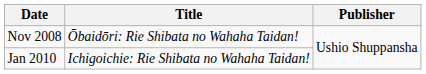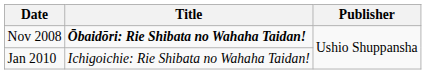 <table class="wikitable">
 <tr>
 <th>Date</th>
 <th>Title</th>
 <th>Publisher</th>
 </tr>
 <tr>
 <td>Nov 2008</td>
-<td><em>Ōbaidōri: Rie Shibata no Wahaha Taidan!</em></td>
+<td><strong><em>Ōbaidōri: Rie Shibata no Wahaha Taidan!</em></strong></td>
 <td rowspan="2">Ushio Shuppansha</td>
 </tr>
 <tr>
 <td>Jan 2010</td>
 <td><em>Ichigoichie: Rie Shibata no Wahaha Taidan!</em></td>
 </tr>
 </table>
